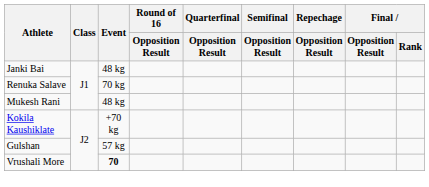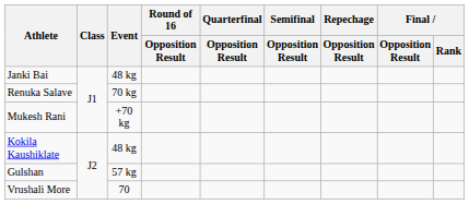 <table class="wikitable" style="text-align:center; font-size:90%">
 <tr>
 <th rowspan="2">Athlete</th>
 <th rowspan="2">Class</th>
 <th rowspan="2">Event</th>
 <th>Round of 16</th>
 <th>Quarterfinal</th>
 <th>Semifinal</th>
 <th>Repechage</th>
 <th colspan="2">Final / </th>
 </tr>
 <tr>
 <th>Opposition<br>Result</th>
 <th>Opposition<br>Result</th>
 <th>Opposition<br>Result</th>
 <th>Opposition<br>Result</th>
 <th>Opposition<br>Result</th>
 <th>Rank</th>
 </tr>
 <tr>
 <td align="left">Janki Bai</td>
 <td rowspan="3">J1</td>
 <td>48 kg</td>
 <td></td>
 <td></td>
 <td></td>
 <td></td>
 <td></td>
 <td></td>
 </tr>
 <tr>
 <td align="left">Renuka Salave</td>
 <td>70 kg</td>
 <td></td>
 <td></td>
 <td></td>
 <td></td>
 <td></td>
 <td></td>
 </tr>
 <tr>
 <td align="left">Mukesh Rani</td>
-<td>48 kg</td>
+<td>+70 kg</td>
 <td></td>
 <td></td>
 <td></td>
 <td></td>
 <td></td>
 <td></td>
 </tr>
 <tr>
 <td align="left"><a href='#'>Kokila Kaushiklate</a></td>
 <td rowspan="3">J2</td>
-<td>+70 kg</td>
+<td>48 kg</td>
 <td></td>
 <td></td>
 <td></td>
 <td></td>
 <td></td>
 <td></td>
 </tr>
 <tr>
 <td align="left">Gulshan</td>
 <td>57 kg</td>
 <td></td>
 <td></td>
 <td></td>
 <td></td>
 <td></td>
 <td></td>
 </tr>
 <tr>
 <td align="left">Vrushali More</td>
-<td><strong>70</strong></td>
+<td>70</td>
 <td></td>
 <td></td>
 <td></td>
 <td></td>
 <td></td>
 <td></td>
 </tr>
 </table>
